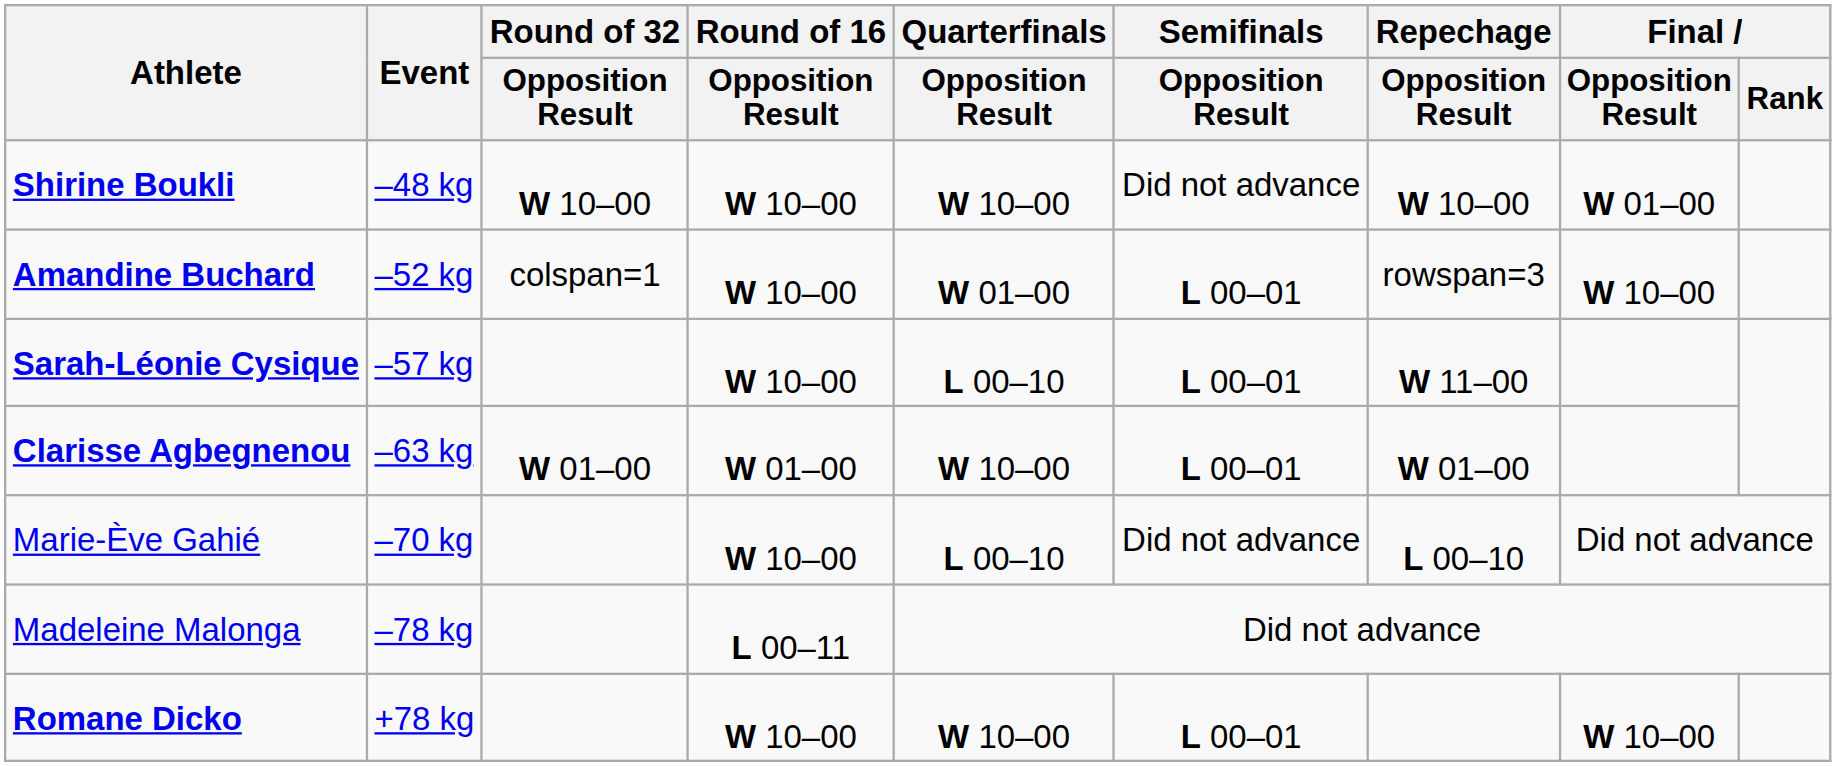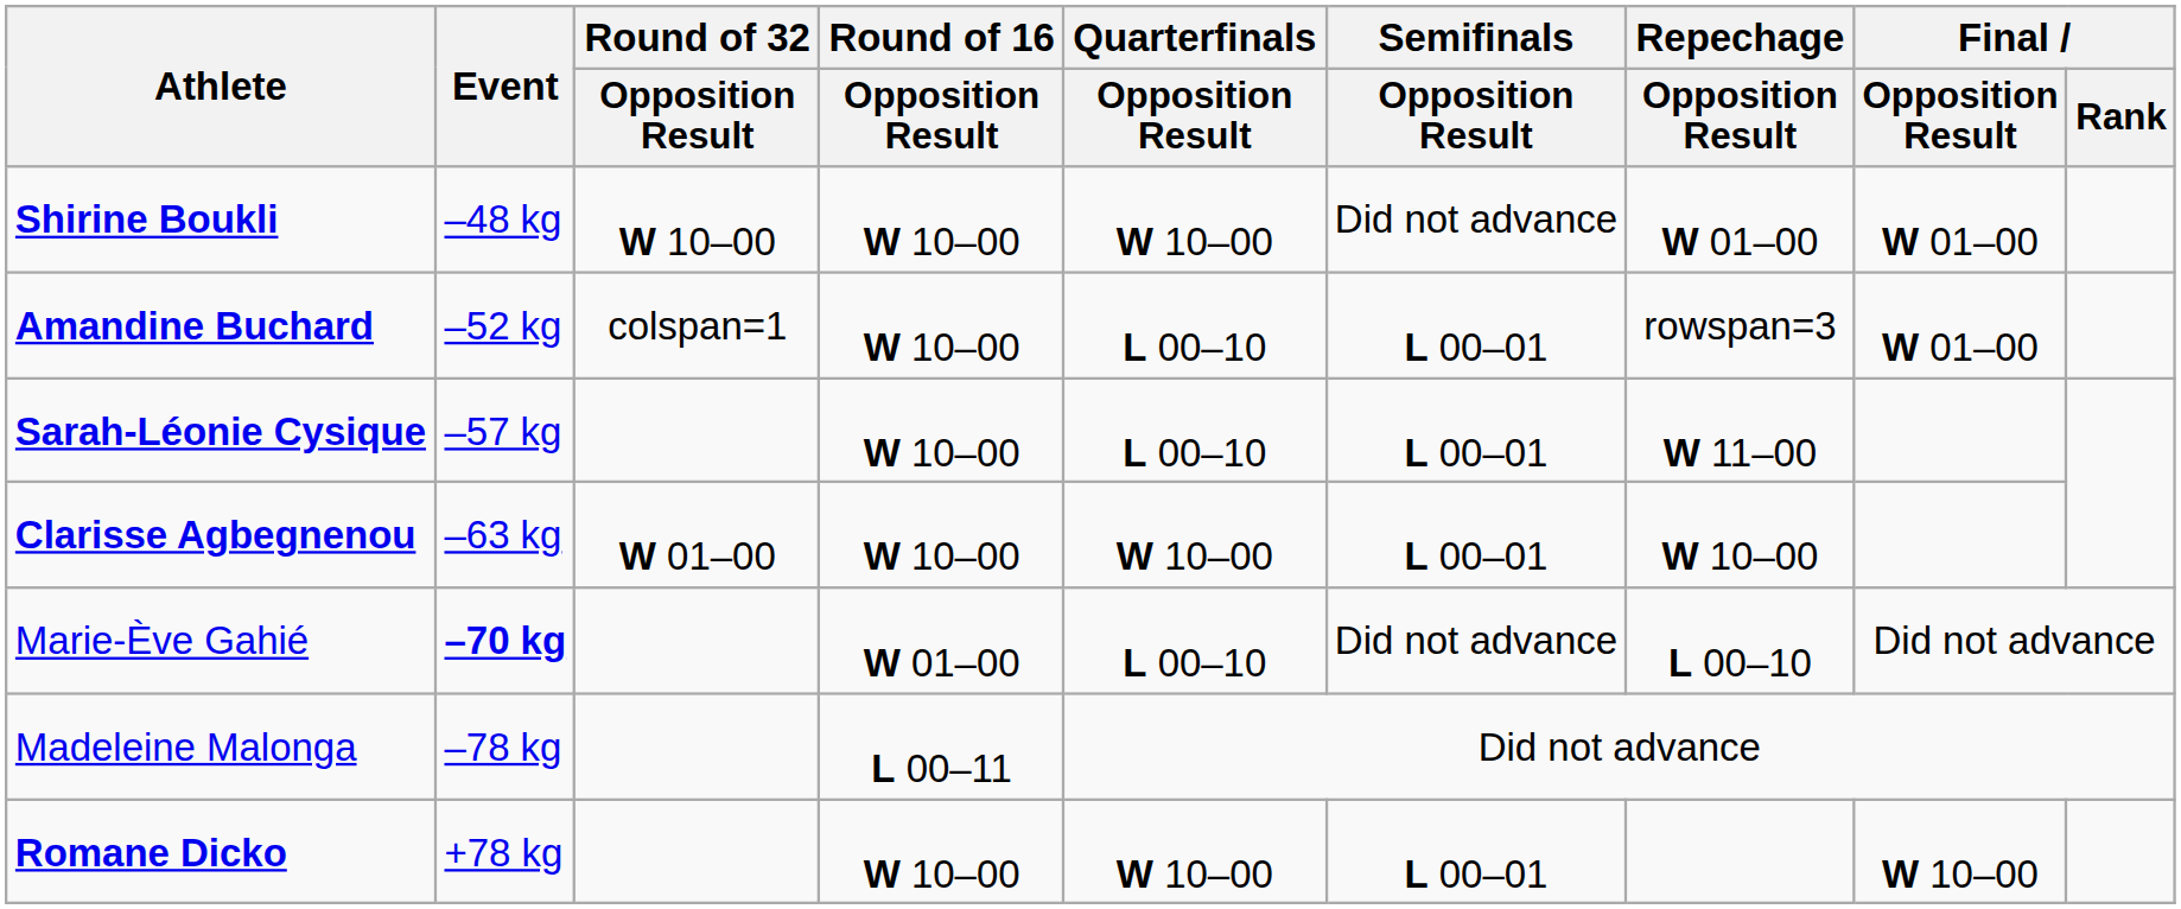 <table class=wikitable style=font-size:90%;>
 <tr>
 <th rowspan=2>Athlete</th>
 <th rowspan=2>Event</th>
 <th>Round of 32</th>
 <th>Round of 16</th>
 <th>Quarterfinals</th>
 <th>Semifinals</th>
 <th>Repechage</th>
 <th colspan=2>Final / </th>
 </tr>
 <tr style=font-size:95%>
 <th>Opposition<br>Result</th>
 <th>Opposition<br>Result</th>
 <th>Opposition<br>Result</th>
 <th>Opposition<br>Result</th>
 <th>Opposition<br>Result</th>
 <th>Opposition<br>Result</th>
 <th>Rank</th>
 </tr>
 <tr align=center>
 <td align=left><strong><a href='#'>Shirine Boukli</a></strong></td>
 <td align=left><a href='#'>–48 kg</a></td>
 <td><br><strong>W</strong> 10–00</td>
 <td><br><strong>W</strong> 10–00</td>
 <td><br><strong>W</strong> 10–00</td>
 <td>Did not advance</td>
-<td><br><strong>W</strong> 10–00</td>
+<td><br><strong>W</strong> 01–00</td>
 <td><br><strong>W</strong> 01–00</td>
 <td></td>
 </tr>
 <tr align=center>
 <td align=left><strong><a href='#'>Amandine Buchard</a></strong></td>
 <td align=left><a href='#'>–52 kg</a></td>
 <td>colspan=1 </td>
 <td><br><strong>W</strong> 10–00</td>
-<td><br><strong>W</strong> 01–00</td>
+<td><br><strong>L</strong> 00–10</td>
 <td><br><strong>L</strong> 00–01</td>
 <td>rowspan=3 </td>
-<td><br><strong>W</strong> 10–00</td>
+<td><br><strong>W</strong> 01–00</td>
 <td></td>
 </tr>
 <tr align=center>
 <td align=left><strong><a href='#'>Sarah-Léonie Cysique</a></strong></td>
 <td align=left><a href='#'>–57 kg</a></td>
 <td></td>
 <td><br><strong>W</strong> 10–00</td>
 <td><br><strong>L</strong> 00–10</td>
 <td><br><strong>L</strong> 00–01</td>
 <td><br><strong>W</strong> 11–00</td>
 <td></td>
 </tr>
 <tr align=center>
 <td align=left><strong><a href='#'>Clarisse Agbegnenou</a></strong></td>
 <td align=left><a href='#'>–63 kg</a></td>
 <td><br><strong>W</strong> 01–00</td>
-<td><br><strong>W</strong> 01–00</td>
+<td><br><strong>W</strong> 10–00</td>
 <td><br><strong>W</strong> 10–00</td>
 <td><br><strong>L</strong> 00–01</td>
-<td><br><strong>W</strong> 01–00</td>
+<td><br><strong>W</strong> 10–00</td>
 <td></td>
 </tr>
 <tr align=center>
 <td align=left><a href='#'>Marie-Ève Gahié</a></td>
-<td align=left><a href='#'>–70 kg</a></td>
+<td align=left><strong><a href='#'>–70 kg</a></strong></td>
 <td></td>
-<td><br><strong>W</strong> 10–00</td>
+<td><br><strong>W</strong> 01–00</td>
 <td><br><strong>L</strong> 00–10</td>
 <td>Did not advance</td>
 <td><br> <strong>L</strong> 00–10</td>
 <td colspan="2">Did not advance</td>
 </tr>
 <tr align=center>
 <td align=left><a href='#'>Madeleine Malonga</a></td>
 <td align=left><a href='#'>–78 kg</a></td>
 <td></td>
 <td><br><strong>L</strong> 00–11</td>
 <td colspan="5">Did not advance</td>
 </tr>
 <tr align=center>
 <td align=left><strong><a href='#'>Romane Dicko</a></strong></td>
 <td align=left><a href='#'>+78 kg</a></td>
 <td></td>
 <td><br><strong>W</strong> 10–00</td>
 <td><br><strong>W</strong> 10–00</td>
 <td><br><strong>L</strong> 00–01</td>
 <td></td>
 <td><br><strong>W</strong> 10–00</td>
 <td></td>
 </tr>
 </table>
